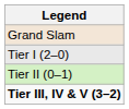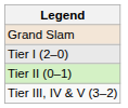 <table class="wikitable" style="font-size:90%;">
 <tr>
 <th>Legend</th>
 </tr>
 <tr>
 <td style="background:#f3e6d7;">Grand Slam</td>
 </tr>
 <tr>
 <td style="background:#e9e9e9;">Tier I (2–0)</td>
 </tr>
 <tr>
 <td style="background:#d4f1c5;">Tier II (0–1)</td>
 </tr>
 <tr>
-<td><strong>Tier III, IV & V (3–2)</strong></td>
+<td>Tier III, IV & V (3–2)</td>
 </tr>
 </table>
